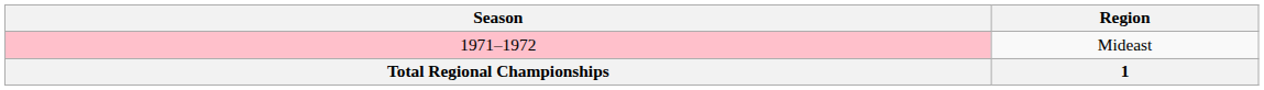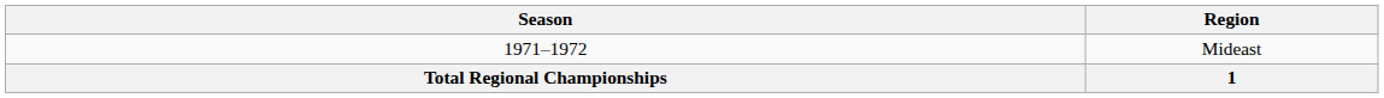 <table cellpadding="1" style="width:75%;" class="wikitable" style="text-align:center">
 <tr>
 <th>Season</th>
 <th>Region</th>
 </tr>
 <tr style="text-align:center;">
-<td style="background: pink;">1971–1972</td>
+<td>1971–1972</td>
 <td>Mideast</td>
 </tr>
 <tr style="text-align:center;" class="sortbottom">
 <th colspan="1;">Total Regional Championships</th>
 <th colspan="1;">1</th>
 </tr>
 </table>
